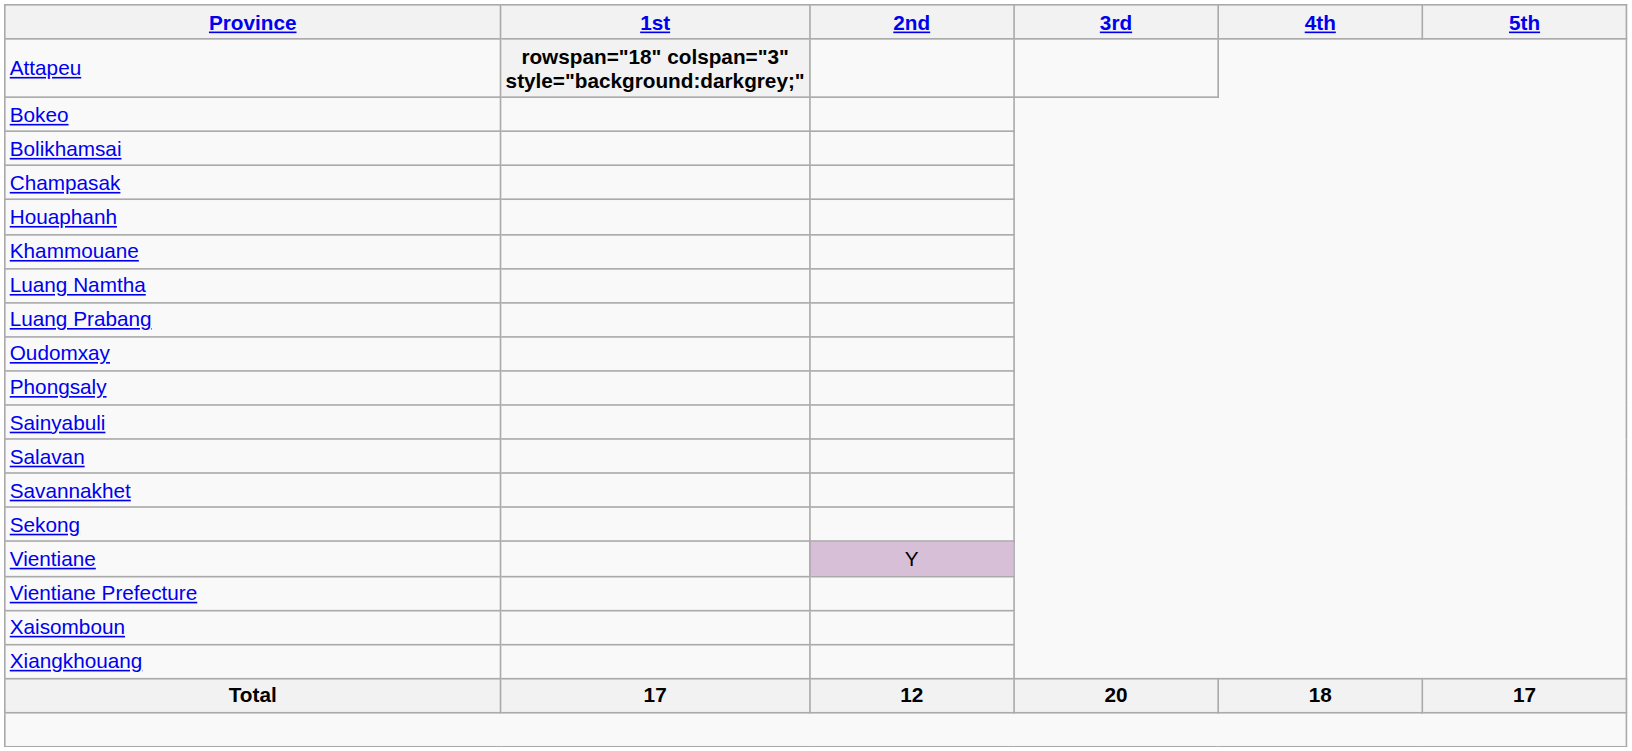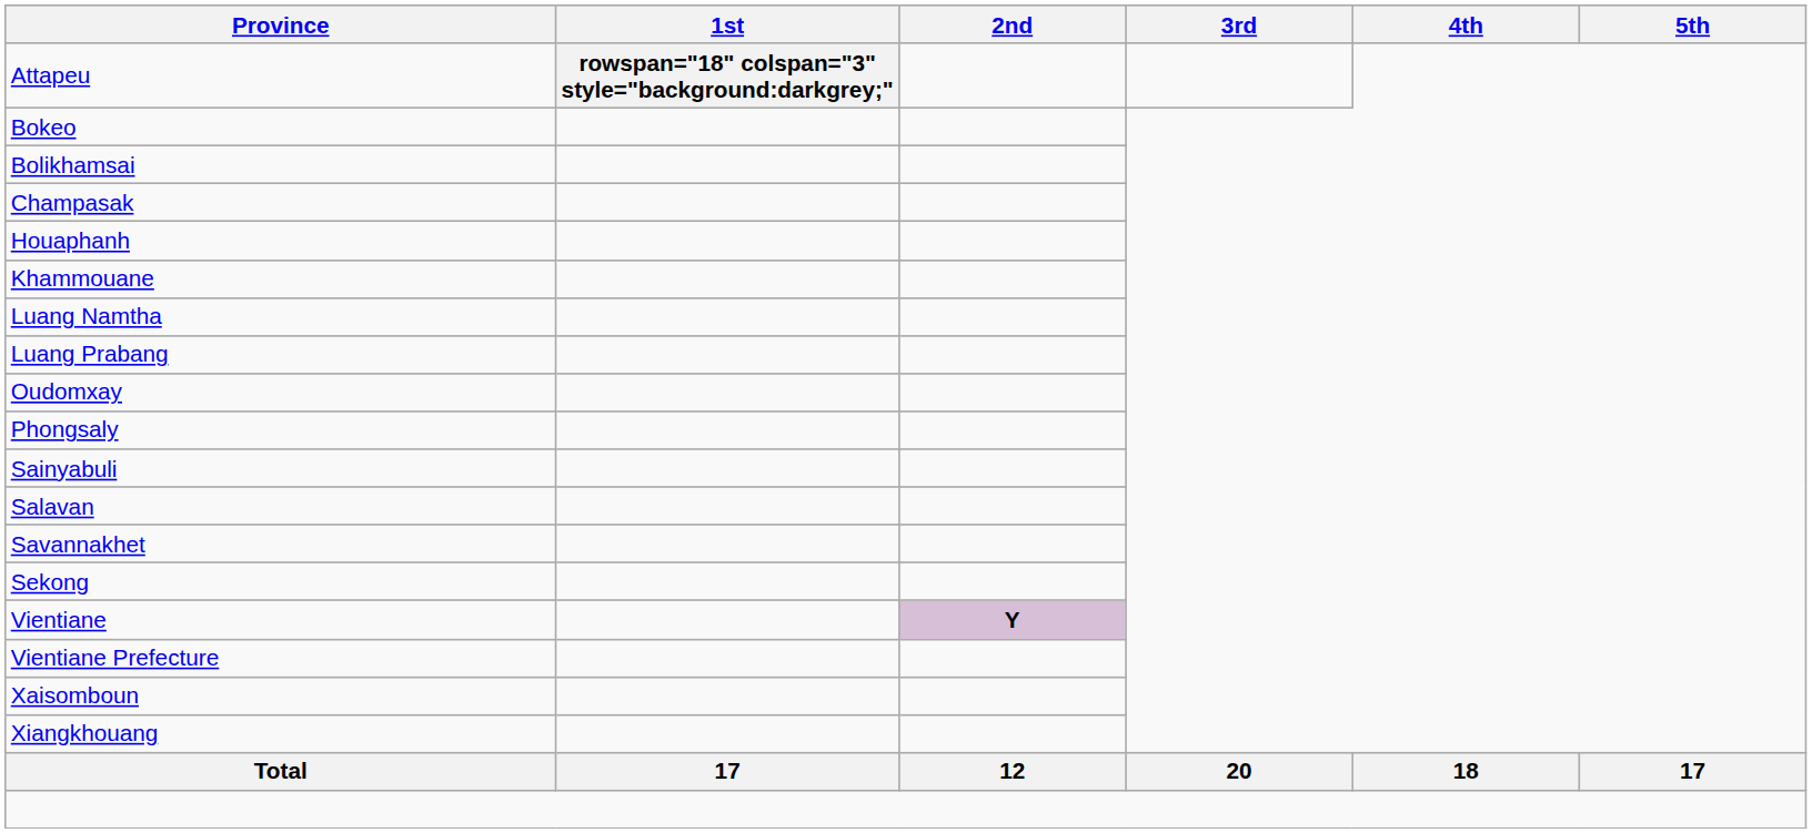 <table class="wikitable sortable" style="font-size: 80%;">
 <tr>
 <th width=300><a href='#'>Province</a></th>
 <th width=120><a href='#'>1st</a></th>
 <th width=120><a href='#'>2nd</a></th>
 <th width=120><a href='#'>3rd</a></th>
 <th width=120><a href='#'>4th</a></th>
 <th width=120><a href='#'>5th</a></th>
 </tr>
 <tr>
 <td><a href='#'>Attapeu</a></td>
 <th>rowspan="18" colspan="3" style="background:darkgrey;" </th>
 <td></td>
 <td></td>
 </tr>
 <tr>
 <td><a href='#'>Bokeo</a></td>
 <td></td>
 <td></td>
 </tr>
 <tr>
 <td><a href='#'>Bolikhamsai</a></td>
 <td></td>
 <td></td>
 </tr>
 <tr>
 <td><a href='#'>Champasak</a></td>
 <td></td>
 <td></td>
 </tr>
 <tr>
 <td><a href='#'>Houaphanh</a></td>
 <td></td>
 <td></td>
 </tr>
 <tr>
 <td><a href='#'>Khammouane</a></td>
 <td></td>
 <td></td>
 </tr>
 <tr>
 <td><a href='#'>Luang Namtha</a></td>
 <td></td>
 <td></td>
 </tr>
 <tr>
 <td><a href='#'>Luang Prabang</a></td>
 <td></td>
 <td></td>
 </tr>
 <tr>
 <td><a href='#'>Oudomxay</a></td>
 <td></td>
 <td></td>
 </tr>
 <tr>
 <td><a href='#'>Phongsaly</a></td>
 <td></td>
 <td></td>
 </tr>
 <tr>
 <td><a href='#'>Sainyabuli</a></td>
 <td></td>
 <td></td>
 </tr>
 <tr>
 <td><a href='#'>Salavan</a></td>
 <td></td>
 <td></td>
 </tr>
 <tr>
 <td><a href='#'>Savannakhet</a></td>
 <td></td>
 <td></td>
 </tr>
 <tr>
 <td><a href='#'>Sekong</a></td>
 <td></td>
 <td></td>
 </tr>
 <tr>
 <td><a href='#'>Vientiane</a></td>
 <td></td>
-<td bgcolor=#D8BFD8 align=center>Y</td>
+<td bgcolor=#D8BFD8 align=center><strong>Y</strong></td>
 </tr>
 <tr>
 <td><a href='#'>Vientiane Prefecture</a></td>
 <td></td>
 <td></td>
 </tr>
 <tr>
 <td><a href='#'>Xaisomboun</a></td>
 <td></td>
 <td></td>
 </tr>
 <tr>
 <td><a href='#'>Xiangkhouang</a></td>
 <td></td>
 <td></td>
 </tr>
 <tr>
 <th>Total</th>
 <th>17</th>
 <th>12</th>
 <th>20</th>
 <th>18</th>
 <th>17</th>
 </tr>
 <tr>
 <td colspan="9" align=left><br></td>
 </tr>
 </table>
